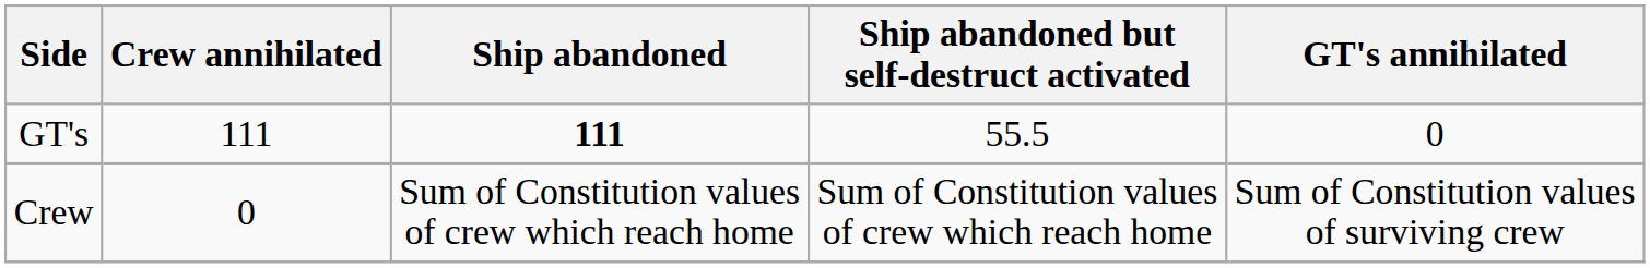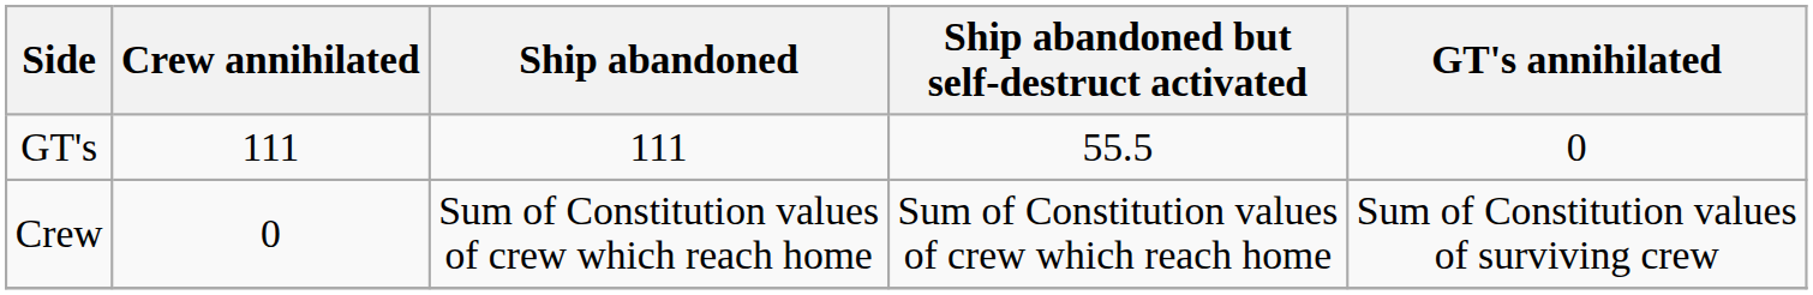 <table class="wikitable" style="text-align:center">
 <tr>
 <th>Side</th>
 <th>Crew annihilated</th>
 <th>Ship abandoned</th>
 <th>Ship abandoned but<br>self-destruct activated</th>
 <th>GT's annihilated</th>
 </tr>
 <tr>
 <td>GT's</td>
 <td>111</td>
-<td><strong>111</strong></td>
+<td>111</td>
 <td>55.5</td>
 <td>0</td>
 </tr>
 <tr>
 <td>Crew</td>
 <td>0</td>
 <td>Sum of Constitution values <br>of crew which reach home</td>
 <td>Sum of Constitution values <br>of crew which reach home</td>
 <td>Sum of Constitution values <br>of surviving crew</td>
 </tr>
 <tr>
 </tr>
 </table>
